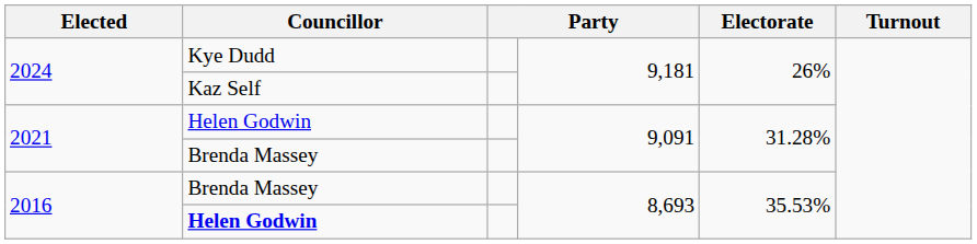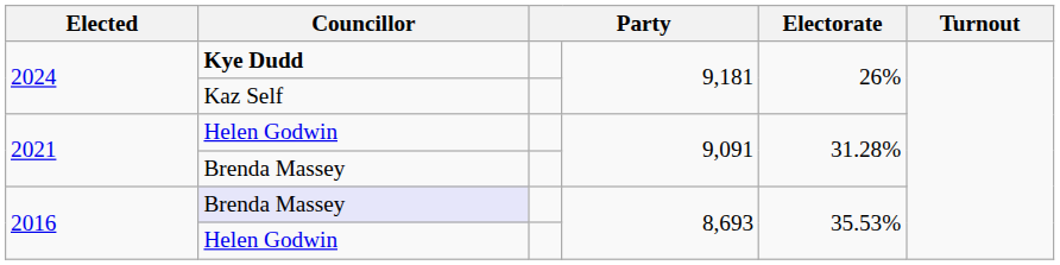 <table class="wikitable" style="width:46em;">
 <tr>
 <th scope=col style="width:8em;">Elected</th>
 <th scope=col style="width:14em;">Councillor</th>
 <th scope=col style="width:12em;" colspan=2>Party</th>
 <th scope=col style="width:6em;">Electorate</th>
 <th scope=col style="width:6em;">Turnout</th>
 </tr>
 <tr>
 <td rowspan=2><a href='#'>2024</a></td>
-<td>Kye Dudd</td>
+<td><strong>Kye Dudd</strong></td>
 <td></td>
 <td rowspan=2 style="text-align:right;">9,181</td>
 <td rowspan=2 style="text-align:right;">26%</td>
 </tr>
 <tr>
 <td>Kaz Self</td>
 <td></td>
 </tr>
 <tr>
 <td rowspan=2><a href='#'>2021</a></td>
 <td><a href='#'>Helen Godwin</a></td>
 <td></td>
 <td rowspan=2 style="text-align:right;">9,091</td>
 <td rowspan=2 style="text-align:right;">31.28%</td>
 </tr>
 <tr>
 <td>Brenda Massey</td>
 <td></td>
 </tr>
 <tr>
 <td rowspan=2><a href='#'>2016</a></td>
-<td>Brenda Massey</td>
+<td style="background: lavender;">Brenda Massey</td>
 <td></td>
 <td rowspan=2 style="text-align:right;">8,693</td>
 <td rowspan=2 style="text-align:right;">35.53%</td>
 </tr>
 <tr>
-<td><strong><a href='#'>Helen Godwin</a></strong></td>
+<td><a href='#'>Helen Godwin</a></td>
 <td></td>
 </tr>
 </table>
